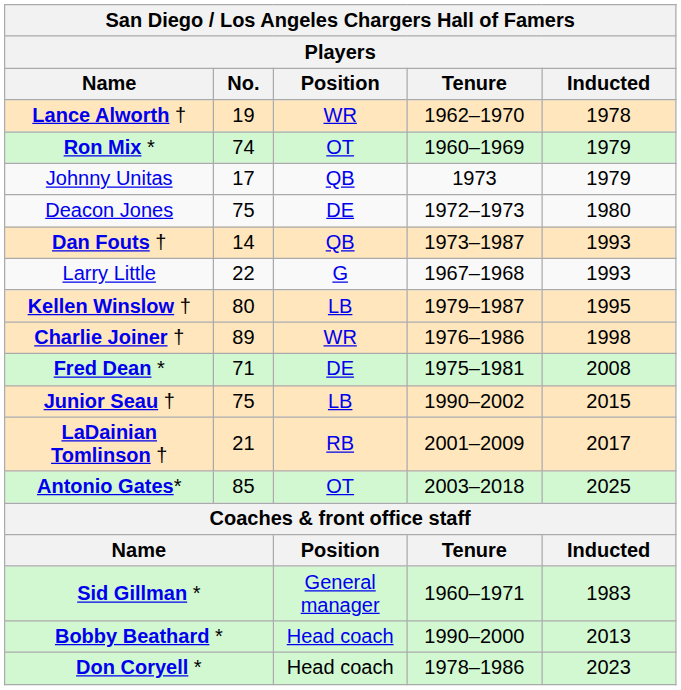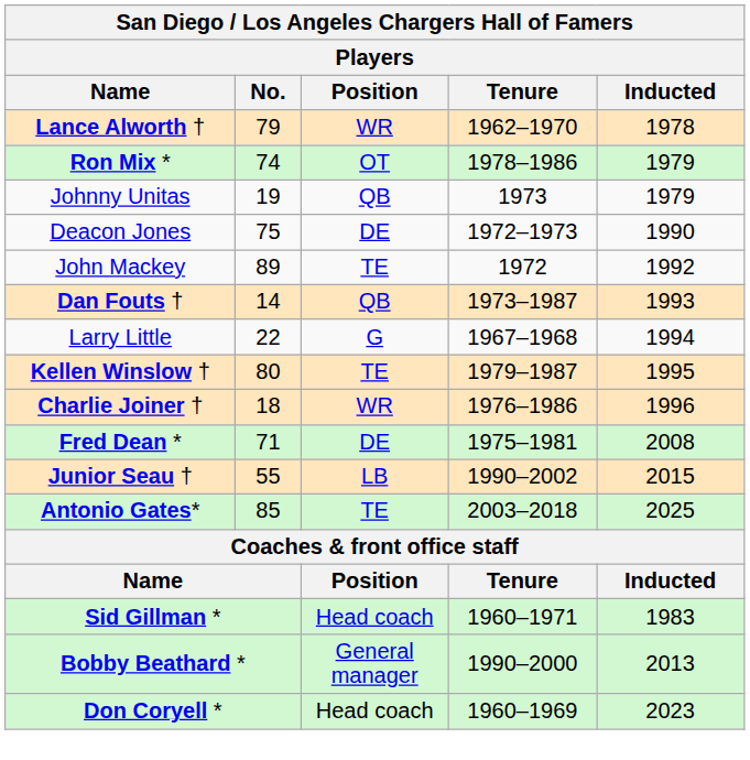 <table class="wikitable" style="text-align:center">
 <tr>
 <th colspan=5>San Diego / Los Angeles Chargers Hall of Famers</th>
 </tr>
 <tr>
 <th colspan="5">Players</th>
 </tr>
 <tr>
 <th scope="col" style="width:160px;">Name</th>
 <th scope="col" style="width:40px;">No.</th>
 <th scope="col" style="width:100px;">Position</th>
 <th scope="col" style="width:100px;">Tenure</th>
 <th scope="col" style="width:100px;">Inducted</th>
 </tr>
 <tr>
 <td style="background:#FFE6BD"><strong><a href='#'>Lance Alworth</a></strong> †</td>
-<td style="background:#FFE6BD">19</td>
+<td style="background:#FFE6BD">79</td>
 <td style="background:#FFE6BD"><a href='#'>WR</a></td>
 <td style="background:#FFE6BD">1962–1970</td>
 <td style="background:#FFE6BD">1978</td>
 </tr>
 <tr>
 <td style="background:#d2f8d2"><strong><a href='#'>Ron Mix</a></strong> *</td>
 <td style="background:#d2f8d2">74</td>
 <td style="background:#d2f8d2"><a href='#'>OT</a></td>
-<td style="background:#d2f8d2">1960–1969</td>
+<td style="background:#d2f8d2">1978–1986</td>
 <td style="background:#d2f8d2">1979</td>
 </tr>
 <tr>
 <td><a href='#'>Johnny Unitas</a></td>
-<td>17</td>
+<td>19</td>
 <td><a href='#'>QB</a></td>
 <td>1973</td>
 <td>1979</td>
 </tr>
 <tr>
 <td><a href='#'>Deacon Jones</a></td>
 <td>75</td>
 <td><a href='#'>DE</a></td>
 <td>1972–1973</td>
-<td>1980</td>
+<td>1990</td>
+</tr>
+<tr>
+<td><a href='#'>John Mackey</a></td>
+<td>89</td>
+<td><a href='#'>TE</a></td>
+<td>1972</td>
+<td>1992</td>
 </tr>
 <tr>
 <td style="background:#FFE6BD"><strong><a href='#'>Dan Fouts</a></strong> †</td>
 <td style="background:#FFE6BD">14</td>
 <td style="background:#FFE6BD"><a href='#'>QB</a></td>
 <td style="background:#FFE6BD">1973–1987</td>
 <td style="background:#FFE6BD">1993</td>
 </tr>
 <tr>
 <td><a href='#'>Larry Little</a></td>
 <td>22</td>
 <td><a href='#'>G</a></td>
 <td>1967–1968</td>
-<td>1993</td>
+<td>1994</td>
 </tr>
 <tr>
 <td style="background:#FFE6BD"><strong><a href='#'>Kellen Winslow</a></strong> †</td>
 <td style="background:#FFE6BD">80</td>
-<td style="background:#FFE6BD"><a href='#'>LB</a></td>
+<td style="background:#FFE6BD"><a href='#'>TE</a></td>
 <td style="background:#FFE6BD">1979–1987</td>
 <td style="background:#FFE6BD">1995</td>
 </tr>
 <tr>
 <td style="background:#FFE6BD"><strong><a href='#'>Charlie Joiner</a></strong> †</td>
-<td style="background:#FFE6BD">89</td>
+<td style="background:#FFE6BD">18</td>
 <td style="background:#FFE6BD"><a href='#'>WR</a></td>
 <td style="background:#FFE6BD">1976–1986</td>
-<td style="background:#FFE6BD">1998</td>
+<td style="background:#FFE6BD">1996</td>
 </tr>
 <tr>
 <td style="background:#d2f8d2"><strong><a href='#'>Fred Dean</a></strong> *</td>
 <td style="background:#d2f8d2">71</td>
 <td style="background:#d2f8d2"><a href='#'>DE</a></td>
 <td style="background:#d2f8d2">1975–1981</td>
 <td style="background:#d2f8d2">2008</td>
 </tr>
 <tr>
 <td style="background:#FFE6BD"><strong><a href='#'>Junior Seau</a></strong> †</td>
-<td style="background:#FFE6BD">75</td>
+<td style="background:#FFE6BD">55</td>
 <td style="background:#FFE6BD"><a href='#'>LB</a></td>
 <td style="background:#FFE6BD">1990–2002</td>
 <td style="background:#FFE6BD">2015</td>
 </tr>
 <tr>
-<td style="background:#FFE6BD"><strong><a href='#'>LaDainian Tomlinson</a></strong> †</td>
-<td style="background:#FFE6BD">21</td>
-<td style="background:#FFE6BD"><a href='#'>RB</a></td>
-<td style="background:#FFE6BD">2001–2009</td>
-<td style="background:#FFE6BD">2017</td>
-</tr>
-<tr>
 <td style="background:#d2f8d2"><strong><a href='#'>Antonio Gates</a></strong>*</td>
 <td style="background:#d2f8d2">85</td>
-<td style="background:#d2f8d2"><a href='#'>OT</a></td>
+<td style="background:#d2f8d2"><a href='#'>TE</a></td>
 <td style="background:#d2f8d2">2003–2018</td>
 <td style="background:#d2f8d2">2025</td>
 </tr>
 <tr>
 <th colspan="5">Coaches & front office staff</th>
 </tr>
 <tr>
 <th style="width:150px;" colspan=2>Name</th>
 <th style="width:40px;">Position</th>
 <th style="width:100px;">Tenure</th>
 <th style="width:100px;">Inducted</th>
 </tr>
 <tr>
 <td colspan=2 style="background:#d2f8d2"><strong><a href='#'>Sid Gillman</a></strong> *</td>
-<td style="background:#d2f8d2"><a href='#'>General manager</a></td>
+<td style="background:#d2f8d2"><a href='#'>Head coach</a></td>
 <td style="background:#d2f8d2">1960–1971</td>
 <td style="background:#d2f8d2">1983</td>
 </tr>
 <tr>
 <td colspan=2 style="background:#d2f8d2"><strong><a href='#'>Bobby Beathard</a></strong> *</td>
-<td style="background:#d2f8d2"><a href='#'>Head coach</a></td>
+<td style="background:#d2f8d2"><a href='#'>General manager</a></td>
 <td style="background:#d2f8d2">1990–2000</td>
 <td style="background:#d2f8d2">2013</td>
 </tr>
 <tr>
 <td colspan=2 style="background:#d2f8d2"><strong><a href='#'>Don Coryell</a></strong> *</td>
 <td style="background:#d2f8d2">Head coach</td>
-<td style="background:#d2f8d2">1978–1986</td>
+<td style="background:#d2f8d2">1960–1969</td>
 <td style="background:#d2f8d2">2023</td>
 </tr>
 </table>
